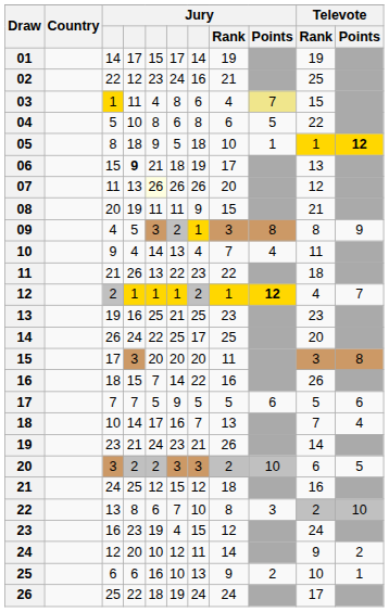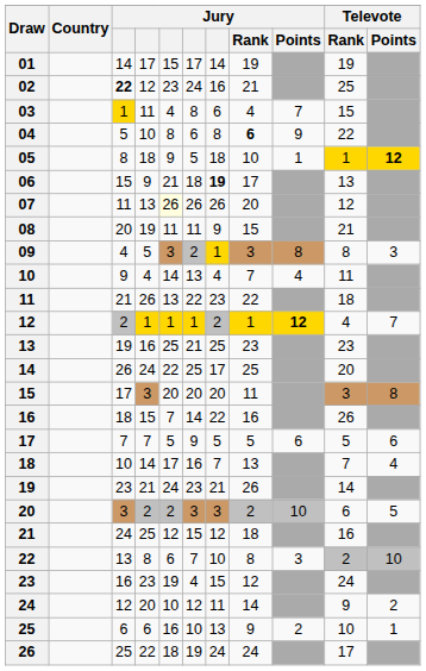 <table class="sortable wikitable collapsible plainrowheaders" style="text-align:center">
 <tr>
 </tr>
 <tr>
 <th scope="col" rowspan="2">Draw</th>
 <th scope="col" rowspan="2">Country</th>
 <th scope="col" colspan="7">Jury</th>
 <th scope="col" colspan="2">Televote</th>
 </tr>
 <tr>
 <th scope="col"><small></small></th>
 <th scope="col"><small></small></th>
 <th scope="col"><small></small></th>
 <th scope="col"><small></small></th>
 <th scope="col"><small></small></th>
 <th scope="col">Rank</th>
 <th scope="col">Points</th>
 <th scope="col">Rank</th>
 <th scope="col">Points</th>
 </tr>
 <tr>
 <th scope="row" style="text-align:center;">01</th>
 <td style="text-align:left;"></td>
 <td>14</td>
 <td>17</td>
 <td>15</td>
 <td>17</td>
 <td>14</td>
 <td>19</td>
 <td style="background:#AAAAAA;"></td>
 <td>19</td>
 <td style="background:#AAAAAA;"></td>
 </tr>
 <tr>
 <th scope="row" style="text-align:center;">02</th>
 <td style="text-align:left;"></td>
-<td>22</td>
+<td><strong>22</strong></td>
 <td>12</td>
 <td>23</td>
 <td>24</td>
 <td>16</td>
 <td>21</td>
 <td style="background:#AAAAAA;"></td>
 <td>25</td>
 <td style="background:#AAAAAA;"></td>
 </tr>
 <tr>
 <th scope="row" style="text-align:center;">03</th>
 <td style="text-align:left;"></td>
 <td style="background:gold;">1</td>
 <td>11</td>
 <td>4</td>
 <td>8</td>
 <td>6</td>
 <td>4</td>
-<td style="background: khaki;">7</td>
+<td>7</td>
 <td>15</td>
 <td style="background:#AAAAAA;"></td>
 </tr>
 <tr>
 <th scope="row" style="text-align:center;">04</th>
 <td style="text-align:left;"></td>
 <td>5</td>
 <td>10</td>
 <td>8</td>
 <td>6</td>
 <td>8</td>
-<td>6</td>
-<td>5</td>
+<td><strong>6</strong></td>
+<td>9</td>
 <td>22</td>
 <td style="background:#AAAAAA;"></td>
 </tr>
 <tr>
 <th scope="row" style="text-align:center;">05</th>
 <td style="text-align:left;"></td>
 <td>8</td>
 <td>18</td>
 <td>9</td>
 <td>5</td>
 <td>18</td>
 <td>10</td>
 <td>1</td>
 <td style="background:gold;">1</td>
 <td style="background:gold;"><strong>12</strong></td>
 </tr>
 <tr>
 <th scope="row" style="text-align:center;">06</th>
 <td style="text-align:left;"></td>
 <td>15</td>
-<td><strong>9</strong></td>
+<td>9</td>
 <td>21</td>
 <td>18</td>
-<td>19</td>
+<td><strong>19</strong></td>
 <td>17</td>
 <td style="background:#AAAAAA;"></td>
 <td>13</td>
 <td style="background:#AAAAAA;"></td>
 </tr>
 <tr>
 <th scope="row" style="text-align:center;">07</th>
 <td style="text-align:left;"></td>
 <td>11</td>
 <td>13</td>
 <td style="background: lightyellow;">26</td>
 <td>26</td>
 <td>26</td>
 <td>20</td>
 <td style="background:#AAAAAA;"></td>
 <td>12</td>
 <td style="background:#AAAAAA;"></td>
 </tr>
 <tr>
 <th scope="row" style="text-align:center;">08</th>
 <td style="text-align:left;"></td>
 <td>20</td>
 <td>19</td>
 <td>11</td>
 <td>11</td>
 <td>9</td>
 <td>15</td>
 <td style="background:#AAAAAA;"></td>
 <td>21</td>
 <td style="background:#AAAAAA;"></td>
 </tr>
 <tr>
 <th scope="row" style="text-align:center;">09</th>
 <td style="text-align:left;"></td>
 <td>4</td>
 <td>5</td>
 <td style="background:#CC9966;">3</td>
 <td style="background:silver;">2</td>
 <td style="background:gold;">1</td>
 <td style="background:#CC9966;">3</td>
 <td style="background:#CC9966;">8</td>
 <td>8</td>
-<td>9</td>
+<td>3</td>
 </tr>
 <tr>
 <th scope="row" style="text-align:center;">10</th>
 <td style="text-align:left;"></td>
 <td>9</td>
 <td>4</td>
 <td>14</td>
 <td>13</td>
 <td>4</td>
 <td>7</td>
 <td>4</td>
 <td>11</td>
 <td style="background:#AAAAAA;"></td>
 </tr>
 <tr>
 <th scope="row" style="text-align:center;">11</th>
 <td style="text-align:left;"></td>
 <td>21</td>
 <td>26</td>
 <td>13</td>
 <td>22</td>
 <td>23</td>
 <td>22</td>
 <td style="background:#AAAAAA;"></td>
 <td>18</td>
 <td style="background:#AAAAAA;"></td>
 </tr>
 <tr>
 <th scope="row" style="text-align:center;">12</th>
 <td style="text-align:left;"></td>
 <td style="background:silver;">2</td>
 <td style="background:gold;">1</td>
 <td style="background:gold;">1</td>
 <td style="background:gold;">1</td>
 <td style="background:silver;">2</td>
 <td style="background:gold;">1</td>
 <td style="background:gold;"><strong>12</strong></td>
 <td>4</td>
 <td>7</td>
 </tr>
 <tr>
 <th scope="row" style="text-align:center;">13</th>
 <td style="text-align:left;"></td>
 <td>19</td>
 <td>16</td>
 <td>25</td>
 <td>21</td>
 <td>25</td>
 <td>23</td>
 <td style="background:#AAAAAA;"></td>
 <td>23</td>
 <td style="background:#AAAAAA;"></td>
 </tr>
 <tr>
 <th scope="row" style="text-align:center;">14</th>
 <td style="text-align:left;"></td>
 <td>26</td>
 <td>24</td>
 <td>22</td>
 <td>25</td>
 <td>17</td>
 <td>25</td>
 <td style="background:#AAAAAA;"></td>
 <td>20</td>
 <td style="background:#AAAAAA;"></td>
 </tr>
 <tr>
 <th scope="row" style="text-align:center;">15</th>
 <td style="text-align:left;"></td>
 <td>17</td>
 <td style="background:#CC9966;">3</td>
 <td>20</td>
 <td>20</td>
 <td>20</td>
 <td>11</td>
 <td style="background:#AAAAAA;"></td>
 <td style="background:#CC9966;">3</td>
 <td style="background:#CC9966;">8</td>
 </tr>
 <tr>
 <th scope="row" style="text-align:center;">16</th>
 <td style="text-align:left;"></td>
 <td>18</td>
 <td>15</td>
 <td>7</td>
 <td>14</td>
 <td>22</td>
 <td>16</td>
 <td style="background:#AAAAAA;"></td>
 <td>26</td>
 <td style="background:#AAAAAA;"></td>
 </tr>
 <tr>
 <th scope="row" style="text-align:center;">17</th>
 <td style="text-align:left;"></td>
 <td>7</td>
 <td>7</td>
 <td>5</td>
 <td>9</td>
 <td>5</td>
 <td>5</td>
 <td>6</td>
 <td>5</td>
 <td>6</td>
 </tr>
 <tr>
 <th scope="row" style="text-align:center;">18</th>
 <td style="text-align:left;"></td>
 <td>10</td>
 <td>14</td>
 <td>17</td>
 <td>16</td>
 <td>7</td>
 <td>13</td>
 <td style="background:#AAAAAA;"></td>
 <td>7</td>
 <td>4</td>
 </tr>
 <tr>
 <th scope="row" style="text-align:center;">19</th>
 <td style="text-align:left;"></td>
 <td>23</td>
 <td>21</td>
 <td>24</td>
 <td>23</td>
 <td>21</td>
 <td>26</td>
 <td style="background:#AAAAAA;"></td>
 <td>14</td>
 <td style="background:#AAAAAA;"></td>
 </tr>
 <tr>
 <th scope="row" style="text-align:center;">20</th>
 <td style="text-align:left;"></td>
 <td style="background:#CC9966;">3</td>
 <td style="background:silver;">2</td>
 <td style="background:silver;">2</td>
 <td style="background:#CC9966;">3</td>
 <td style="background:#CC9966;">3</td>
 <td style="background:silver;">2</td>
 <td style="background:silver;">10</td>
 <td>6</td>
 <td>5</td>
 </tr>
 <tr>
 <th scope="row" style="text-align:center;">21</th>
 <td style="text-align:left;"></td>
 <td>24</td>
 <td>25</td>
 <td>12</td>
 <td>15</td>
 <td>12</td>
 <td>18</td>
 <td style="background:#AAAAAA;"></td>
 <td>16</td>
 <td style="background:#AAAAAA;"></td>
 </tr>
 <tr>
 <th scope="row" style="text-align:center;">22</th>
 <td style="text-align:left;"></td>
 <td>13</td>
 <td>8</td>
 <td>6</td>
 <td>7</td>
 <td>10</td>
 <td>8</td>
 <td>3</td>
 <td style="background:silver;">2</td>
 <td style="background:silver;">10</td>
 </tr>
 <tr>
 <th scope="row" style="text-align:center;">23</th>
 <td style="text-align:left;"></td>
 <td>16</td>
 <td>23</td>
 <td>19</td>
 <td>4</td>
 <td>15</td>
 <td>12</td>
 <td style="background:#AAAAAA;"></td>
 <td>24</td>
 <td style="background:#AAAAAA;"></td>
 </tr>
 <tr>
 <th scope="row" style="text-align:center;">24</th>
 <td style="text-align:left;"></td>
 <td>12</td>
 <td>20</td>
 <td>10</td>
 <td>12</td>
 <td>11</td>
 <td>14</td>
 <td style="background:#AAAAAA;"></td>
 <td>9</td>
 <td>2</td>
 </tr>
 <tr>
 <th scope="row" style="text-align:center;">25</th>
 <td style="text-align:left;"></td>
 <td>6</td>
 <td>6</td>
 <td>16</td>
 <td>10</td>
 <td>13</td>
 <td>9</td>
 <td>2</td>
 <td>10</td>
 <td>1</td>
 </tr>
 <tr>
 <th scope="row" style="text-align:center;">26</th>
 <td style="text-align:left;"></td>
 <td>25</td>
 <td>22</td>
 <td>18</td>
 <td>19</td>
 <td>24</td>
 <td>24</td>
 <td style="background:#AAAAAA;"></td>
 <td>17</td>
 <td style="background:#AAAAAA;"></td>
 </tr>
 </table>
